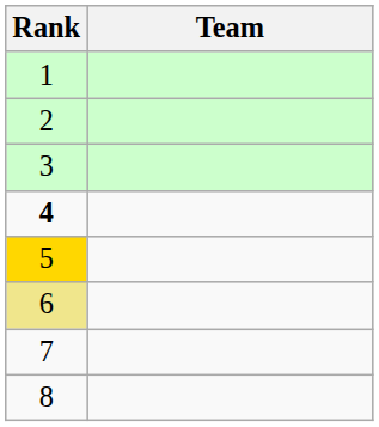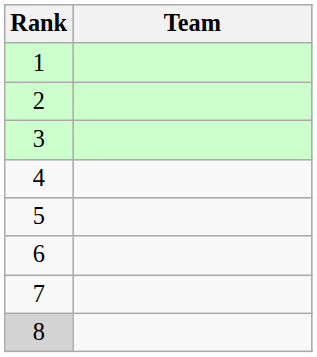 <table class="wikitable">
 <tr>
 <th>Rank</th>
 <th width=150>Team</th>
 </tr>
 <tr bgcolor=ccffcc>
 <td align=center>1</td>
 <td></td>
 </tr>
 <tr bgcolor=ccffcc>
 <td align=center>2</td>
 <td></td>
 </tr>
 <tr bgcolor=ccffcc>
 <td align=center>3</td>
 <td></td>
 </tr>
 <tr>
-<td align=center><strong>4</strong></td>
+<td align=center>4</td>
 <td></td>
 </tr>
 <tr>
-<td align=center style="background: gold;">5</td>
+<td align=center>5</td>
 <td></td>
 </tr>
 <tr>
-<td align=center style="background: khaki;">6</td>
+<td align=center>6</td>
 <td></td>
 </tr>
 <tr>
 <td align=center>7</td>
 <td></td>
 </tr>
 <tr>
-<td align=center>8</td>
+<td align=center style="background: lightgrey;">8</td>
 <td></td>
 </tr>
 </table>
